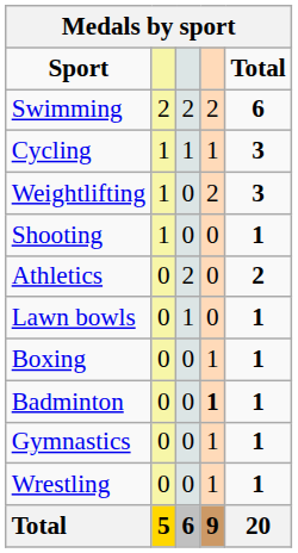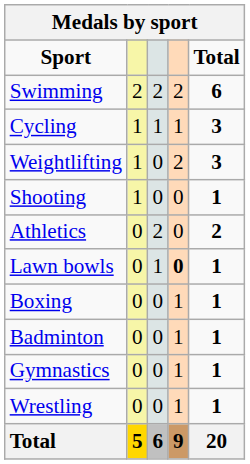 <table class="wikitable" style="text-align:center;font-size:90%">
 <tr style="background:#efefef;">
 <th colspan=7><strong>Medals by sport</strong></th>
 </tr>
 <tr>
 <td><strong>Sport</strong></td>
 <td bgcolor=#f7f6a8></td>
 <td bgcolor=#dce5e5></td>
 <td bgcolor=#ffdab9></td>
 <td><strong>Total</strong></td>
 </tr>
 <tr>
 <td style="text-align:left;"><a href='#'>Swimming</a></td>
 <td style="background:#F7F6A8;">2</td>
 <td style="background:#DCE5E5;">2</td>
 <td style="background:#FFDAB9;">2</td>
 <td><strong>6</strong></td>
 </tr>
 <tr>
 <td style="text-align:left;"><a href='#'>Cycling</a></td>
 <td style="background:#F7F6A8;">1</td>
 <td style="background:#DCE5E5;">1</td>
 <td style="background:#FFDAB9;">1</td>
 <td><strong>3</strong></td>
 </tr>
 <tr>
 <td style="text-align:left;"><a href='#'>Weightlifting</a></td>
 <td style="background:#F7F6A8;">1</td>
 <td style="background:#DCE5E5;">0</td>
 <td style="background:#FFDAB9;">2</td>
 <td><strong>3</strong></td>
 </tr>
 <tr>
 <td style="text-align:left;"><a href='#'>Shooting</a></td>
 <td style="background:#F7F6A8;">1</td>
 <td style="background:#DCE5E5;">0</td>
 <td style="background:#FFDAB9;">0</td>
 <td><strong>1</strong></td>
 </tr>
 <tr>
 <td style="text-align:left;"><a href='#'>Athletics</a></td>
 <td style="background:#F7F6A8;">0</td>
 <td style="background:#DCE5E5;">2</td>
 <td style="background:#FFDAB9;">0</td>
 <td><strong>2</strong></td>
 </tr>
 <tr>
 <td style="text-align:left;"><a href='#'>Lawn bowls</a></td>
 <td style="background:#F7F6A8;">0</td>
 <td style="background:#DCE5E5;">1</td>
-<td style="background:#FFDAB9;">0</td>
+<td style="background:#FFDAB9;"><strong>0</strong></td>
 <td><strong>1</strong></td>
 </tr>
 <tr>
 <td style="text-align:left;"><a href='#'>Boxing</a></td>
 <td style="background:#F7F6A8;">0</td>
 <td style="background:#DCE5E5;">0</td>
 <td style="background:#FFDAB9;">1</td>
 <td><strong>1</strong></td>
 </tr>
 <tr>
 <td style="text-align:left;"><a href='#'>Badminton</a></td>
 <td style="background:#F7F6A8;">0</td>
 <td style="background:#DCE5E5;">0</td>
-<td style="background:#FFDAB9;"><strong>1</strong></td>
+<td style="background:#FFDAB9;">1</td>
 <td><strong>1</strong></td>
 </tr>
 <tr>
 <td style="text-align:left;"><a href='#'>Gymnastics</a></td>
 <td style="background:#F7F6A8;">0</td>
 <td style="background:#DCE5E5;">0</td>
 <td style="background:#FFDAB9;">1</td>
 <td><strong>1</strong></td>
 </tr>
 <tr>
 <td style="text-align:left;"><a href='#'>Wrestling</a></td>
 <td style="background:#F7F6A8;">0</td>
 <td style="background:#DCE5E5;">0</td>
 <td style="background:#FFDAB9;">1</td>
 <td><strong>1</strong></td>
 </tr>
 <tr>
 <th style="text-align:left;"><strong>Total</strong></th>
 <th style="background:gold;"><strong>5</strong></th>
 <th style="background:silver;"><strong>6</strong></th>
 <th style="background:#c96;"><strong>9</strong></th>
 <th><strong>20</strong></th>
 </tr>
 </table>
